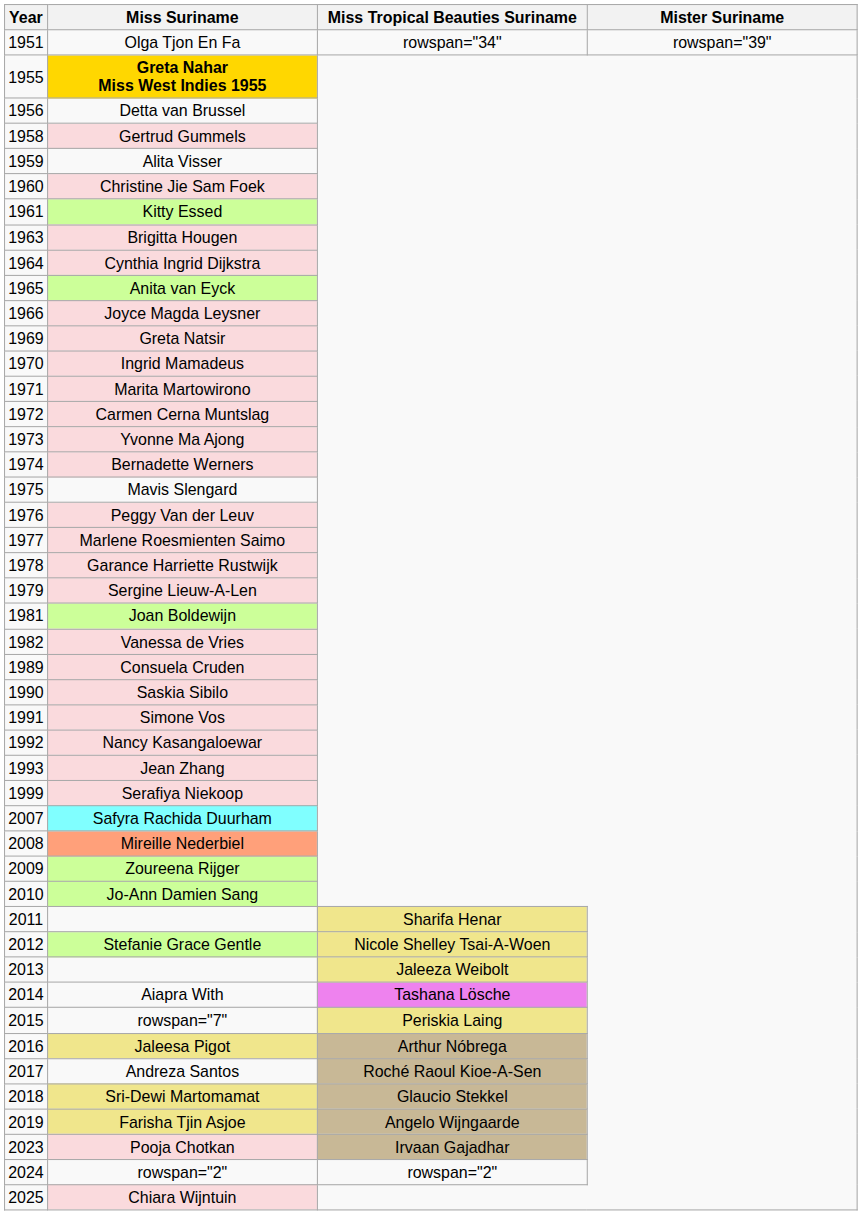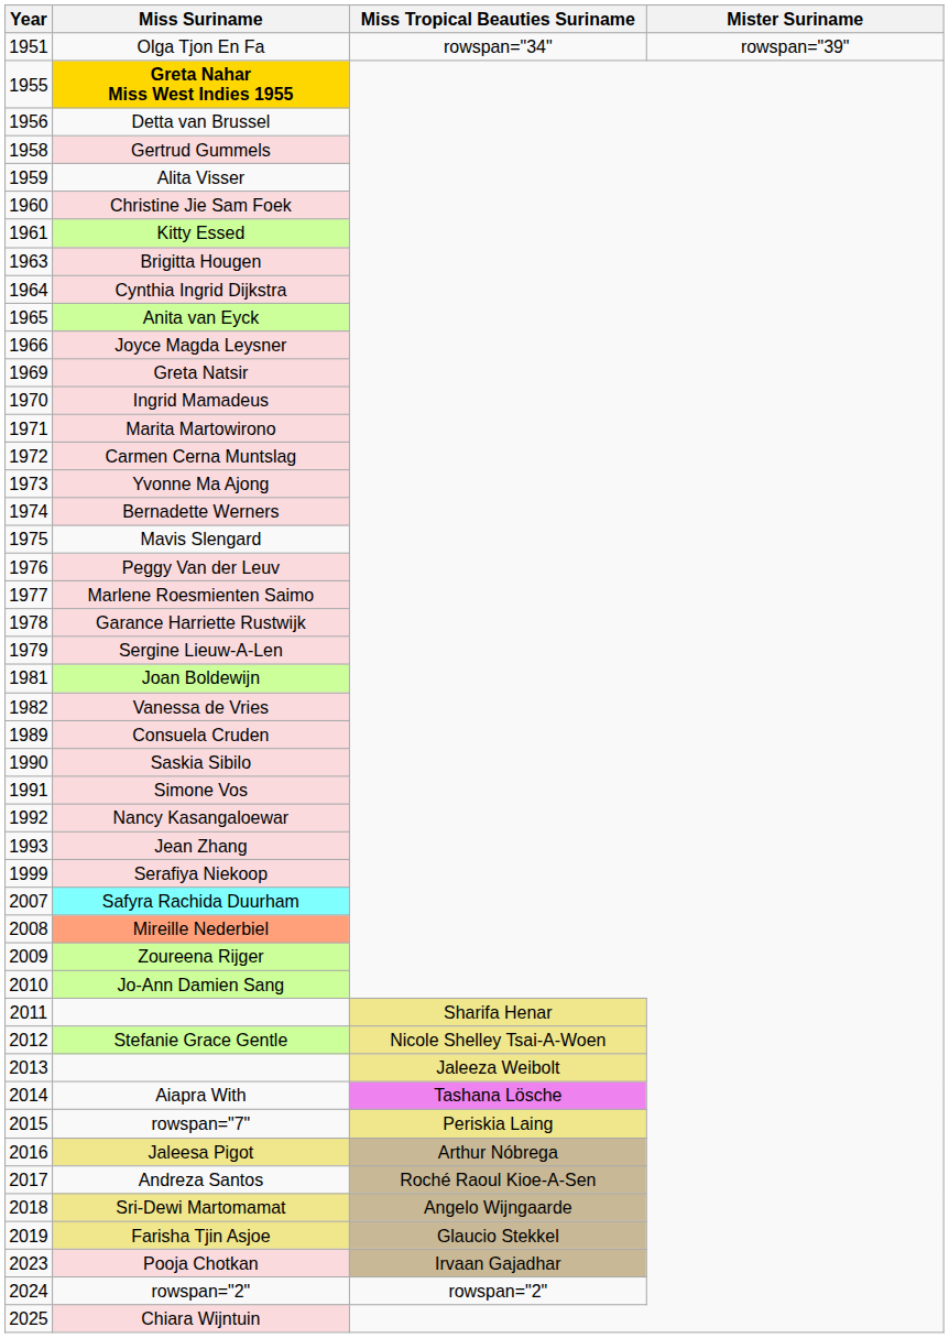 <table class="wikitable sortable" style="font-size:95%; text-align:center;">
 <tr>
 <th !width="60">Year</th>
 <th width="250">Miss Suriname</th>
 <th width="250">Miss Tropical Beauties Suriname</th>
 <th width="250">Mister Suriname</th>
 </tr>
 <tr>
 <td>1951</td>
 <td>Olga Tjon En Fa</td>
 <td>rowspan="34" </td>
 <td>rowspan="39" </td>
 </tr>
 <tr>
 <td>1955</td>
 <td style="background:GOLD;"><strong>Greta Nahar<br>Miss West Indies 1955</strong></td>
 </tr>
 <tr>
 <td>1956</td>
 <td>Detta van Brussel</td>
 </tr>
 <tr>
 <td>1958</td>
 <td style="background:#FADADD;">Gertrud Gummels</td>
 </tr>
 <tr>
 <td>1959</td>
 <td>Alita Visser</td>
 </tr>
 <tr>
 <td>1960</td>
 <td style="background:#FADADD;">Christine Jie Sam Foek</td>
 </tr>
 <tr>
 <td>1961</td>
 <td style="background:#CCFF99;">Kitty Essed</td>
 </tr>
 <tr>
 <td>1963</td>
 <td style="background:#FADADD;">Brigitta Hougen</td>
 </tr>
 <tr>
 <td>1964</td>
 <td style="background:#FADADD;">Cynthia Ingrid Dijkstra</td>
 </tr>
 <tr>
 <td>1965</td>
 <td style="background:#CCFF99;">Anita van Eyck</td>
 </tr>
 <tr>
 <td>1966</td>
 <td style="background:#FADADD;">Joyce Magda Leysner</td>
 </tr>
 <tr>
 <td>1969</td>
 <td style="background:#FADADD;">Greta Natsir</td>
 </tr>
 <tr>
 <td>1970</td>
 <td style="background:#FADADD;">Ingrid Mamadeus</td>
 </tr>
 <tr>
 <td>1971</td>
 <td style="background:#FADADD;">Marita Martowirono</td>
 </tr>
 <tr>
 <td>1972</td>
 <td style="background:#FADADD;">Carmen Cerna Muntslag</td>
 </tr>
 <tr>
 <td>1973</td>
 <td style="background:#FADADD;">Yvonne Ma Ajong</td>
 </tr>
 <tr>
 <td>1974</td>
 <td style="background:#FADADD;">Bernadette Werners</td>
 </tr>
 <tr>
 <td>1975</td>
 <td>Mavis Slengard</td>
 </tr>
 <tr>
 <td>1976</td>
 <td style="background:#FADADD;">Peggy Van der Leuv</td>
 </tr>
 <tr>
 <td>1977</td>
 <td style="background:#FADADD;">Marlene Roesmienten Saimo</td>
 </tr>
 <tr>
 <td>1978</td>
 <td style="background:#FADADD;">Garance Harriette Rustwijk</td>
 </tr>
 <tr>
 <td>1979</td>
 <td style="background:#FADADD;">Sergine Lieuw-A-Len</td>
 </tr>
 <tr>
 <td>1981</td>
 <td style="background:#CCFF99;">Joan Boldewijn</td>
 </tr>
 <tr>
 <td>1982</td>
 <td style="background:#FADADD;">Vanessa de Vries</td>
 </tr>
 <tr>
 <td>1989</td>
 <td style="background:#FADADD;">Consuela Cruden</td>
 </tr>
 <tr>
 <td>1990</td>
 <td style="background:#FADADD;">Saskia Sibilo</td>
 </tr>
 <tr>
 <td>1991</td>
 <td style="background:#FADADD;">Simone Vos</td>
 </tr>
 <tr>
 <td>1992</td>
 <td style="background:#FADADD;">Nancy Kasangaloewar</td>
 </tr>
 <tr>
 <td>1993</td>
 <td style="background:#FADADD;">Jean Zhang</td>
 </tr>
 <tr>
 <td>1999</td>
 <td style="background:#FADADD;">Serafiya Niekoop</td>
 </tr>
 <tr>
 <td>2007</td>
 <td style="background:#80FFFF;">Safyra Rachida Duurham</td>
 </tr>
 <tr>
 <td>2008</td>
 <td style="background:#FFA07A;">Mireille Nederbiel</td>
 </tr>
 <tr>
 <td>2009</td>
 <td style="background:#CCFF99;">Zoureena Rijger</td>
 </tr>
 <tr>
 <td>2010</td>
 <td style="background:#CCFF99;">Jo-Ann Damien Sang</td>
 </tr>
 <tr>
 <td>2011</td>
 <td></td>
 <td style="background:#F0E68C;">Sharifa Henar</td>
 </tr>
 <tr>
 <td>2012</td>
 <td style="background:#CCFF99;">Stefanie Grace Gentle</td>
 <td style="background:#F0E68C;">Nicole Shelley Tsai-A-Woen</td>
 </tr>
 <tr>
 <td>2013</td>
 <td></td>
 <td style="background:#F0E68C;">Jaleeza Weibolt</td>
 </tr>
 <tr>
 <td>2014</td>
 <td>Aiapra With</td>
 <td style="background:#EE82EE;">Tashana Lösche</td>
 </tr>
 <tr>
 <td>2015</td>
 <td>rowspan="7" </td>
 <td style="background:#F0E68C;">Periskia Laing</td>
 </tr>
 <tr>
 <td>2016</td>
 <td style="background:#F0E68C;">Jaleesa Pigot</td>
 <td style="background:#C8B896;">Arthur Nóbrega</td>
 </tr>
 <tr>
 <td>2017</td>
 <td>Andreza Santos</td>
 <td style="background:#C8B896;">Roché Raoul Kioe-A-Sen</td>
 </tr>
 <tr>
 <td>2018</td>
 <td style="background:#F0E68C;">Sri-Dewi Martomamat</td>
-<td style="background:#C8B896;">Glaucio Stekkel</td>
+<td style="background:#C8B896;">Angelo Wijngaarde</td>
 </tr>
 <tr>
 <td>2019</td>
 <td style="background:#F0E68C;">Farisha Tjin Asjoe</td>
-<td style="background:#C8B896;">Angelo Wijngaarde</td>
+<td style="background:#C8B896;">Glaucio Stekkel</td>
 </tr>
 <tr>
 <td>2023</td>
 <td style="background:#FADADD;">Pooja Chotkan</td>
 <td style="background:#C8B896;">Irvaan Gajadhar</td>
 </tr>
 <tr>
 <td>2024</td>
 <td>rowspan="2" </td>
 <td>rowspan="2" </td>
 </tr>
 <tr>
 <td>2025</td>
 <td style="background:#FADADD;">Chiara Wijntuin</td>
 </tr>
 </table>
